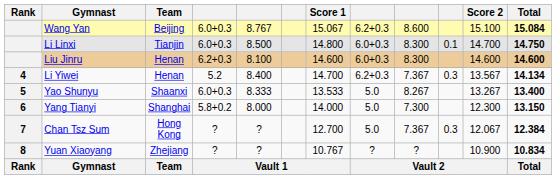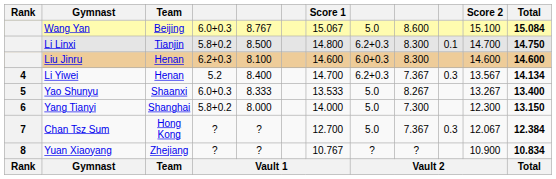 <table class="wikitable sortable" style="text-align:center; font-size:95%">
 <tr>
 <th scope="col" style="width:50px;">Rank</th>
 <th scope="col" style="width:150px;">Gymnast</th>
 <th scope="col" style="width:50px;">Team</th>
 <th scope="col" style="width:60px"></th>
 <th scope="col" style="width:60px;"></th>
 <th scope="col" style="width:30px;"></th>
 <th scope="col" style="width:60px;">Score 1</th>
 <th scope="col" style="width:60px"></th>
 <th scope="col" style="width:60px;"></th>
 <th scope="col" style="width:30px;"></th>
 <th scope="col" style="width:60px;">Score 2</th>
 <th scope="col" style="width:60px">Total</th>
 </tr>
 <tr style="background:#fffcaf;">
 <th scope=row style="text-align:center"></th>
 <td style="text-align:left;"><a href='#'>Wang Yan</a></td>
 <td><a href='#'>Beijing</a></td>
 <td>6.0+0.3</td>
 <td>8.767</td>
 <td></td>
 <td>15.067</td>
-<td>6.2+0.3</td>
+<td>5.0</td>
 <td>8.600</td>
 <td></td>
 <td>15.100</td>
 <td><strong>15.084</strong></td>
 </tr>
 <tr style="background:#e5e5e5;">
 <th scope=row style="text-align:center"></th>
 <td style="text-align:left;"><a href='#'>Li Linxi</a></td>
 <td><a href='#'>Tianjin</a></td>
-<td>6.0+0.3</td>
+<td>5.8+0.2</td>
 <td>8.500</td>
 <td></td>
 <td>14.800</td>
-<td>6.0+0.3</td>
+<td>6.2+0.3</td>
 <td>8.300</td>
 <td>0.1</td>
 <td>14.700</td>
 <td><strong>14.750</strong></td>
 </tr>
 <tr style="background:#ec9;">
 <th scope=row style="text-align:center"></th>
 <td style="text-align:left;"><a href='#'>Liu Jinru</a></td>
 <td><a href='#'>Henan</a></td>
 <td>6.2+0.3</td>
 <td>8.100</td>
 <td></td>
 <td>14.600</td>
 <td>6.0+0.3</td>
 <td>8.300</td>
 <td></td>
 <td>14.600</td>
 <td><strong>14.600</strong></td>
 </tr>
 <tr>
 <th scope=row style="text-align:center">4</th>
 <td style="text-align:left;"><a href='#'>Li Yiwei</a></td>
 <td><a href='#'>Henan</a></td>
 <td>5.2</td>
 <td>8.400</td>
 <td></td>
 <td>14.700</td>
 <td>6.2+0.3</td>
 <td>7.367</td>
 <td>0.3</td>
 <td>13.567</td>
 <td><strong>14.134</strong></td>
 </tr>
 <tr>
 <th scope=row style="text-align:center">5</th>
 <td style="text-align:left;"><a href='#'>Yao Shunyu</a></td>
 <td><a href='#'>Shaanxi</a></td>
 <td>6.0+0.3</td>
 <td>8.333</td>
 <td></td>
 <td>13.533</td>
 <td>5.0</td>
 <td>8.267</td>
 <td></td>
 <td>13.267</td>
 <td><strong>13.400</strong></td>
 </tr>
 <tr>
 <th scope=row style="text-align:center">6</th>
 <td style="text-align:left;"><a href='#'>Yang Tianyi</a></td>
 <td><a href='#'>Shanghai</a></td>
 <td>5.8+0.2</td>
 <td>8.000</td>
 <td></td>
 <td>14.000</td>
 <td>5.0</td>
 <td>7.300</td>
 <td></td>
 <td>12.300</td>
 <td><strong>13.150</strong></td>
 </tr>
 <tr>
 <th scope=row style="text-align:center">7</th>
 <td style="text-align:left;"><a href='#'>Chan Tsz Sum</a></td>
 <td><a href='#'>Hong Kong</a></td>
 <td>?</td>
 <td>?</td>
 <td></td>
 <td>12.700</td>
 <td>5.0</td>
 <td>7.367</td>
 <td>0.3</td>
 <td>12.067</td>
 <td><strong>12.384</strong></td>
 </tr>
 <tr>
 <th scope=row style="text-align:center">8</th>
 <td style="text-align:left;"><a href='#'>Yuan Xiaoyang</a></td>
 <td><a href='#'>Zhejiang</a></td>
 <td>?</td>
 <td>?</td>
 <td></td>
 <td>10.767</td>
 <td>?</td>
 <td>?</td>
 <td></td>
 <td>10.900</td>
 <td><strong>10.834</strong></td>
 </tr>
 <tr class="sortbottom">
 <th scope=col>Rank</th>
 <th scope="col" style="width:150px;">Gymnast</th>
 <th scope="col" style="width:50px;">Team</th>
 <th scope=col colspan="4">Vault 1</th>
 <th scope=col colspan="4">Vault 2</th>
 <th scope=col>Total</th>
 </tr>
 </table>
